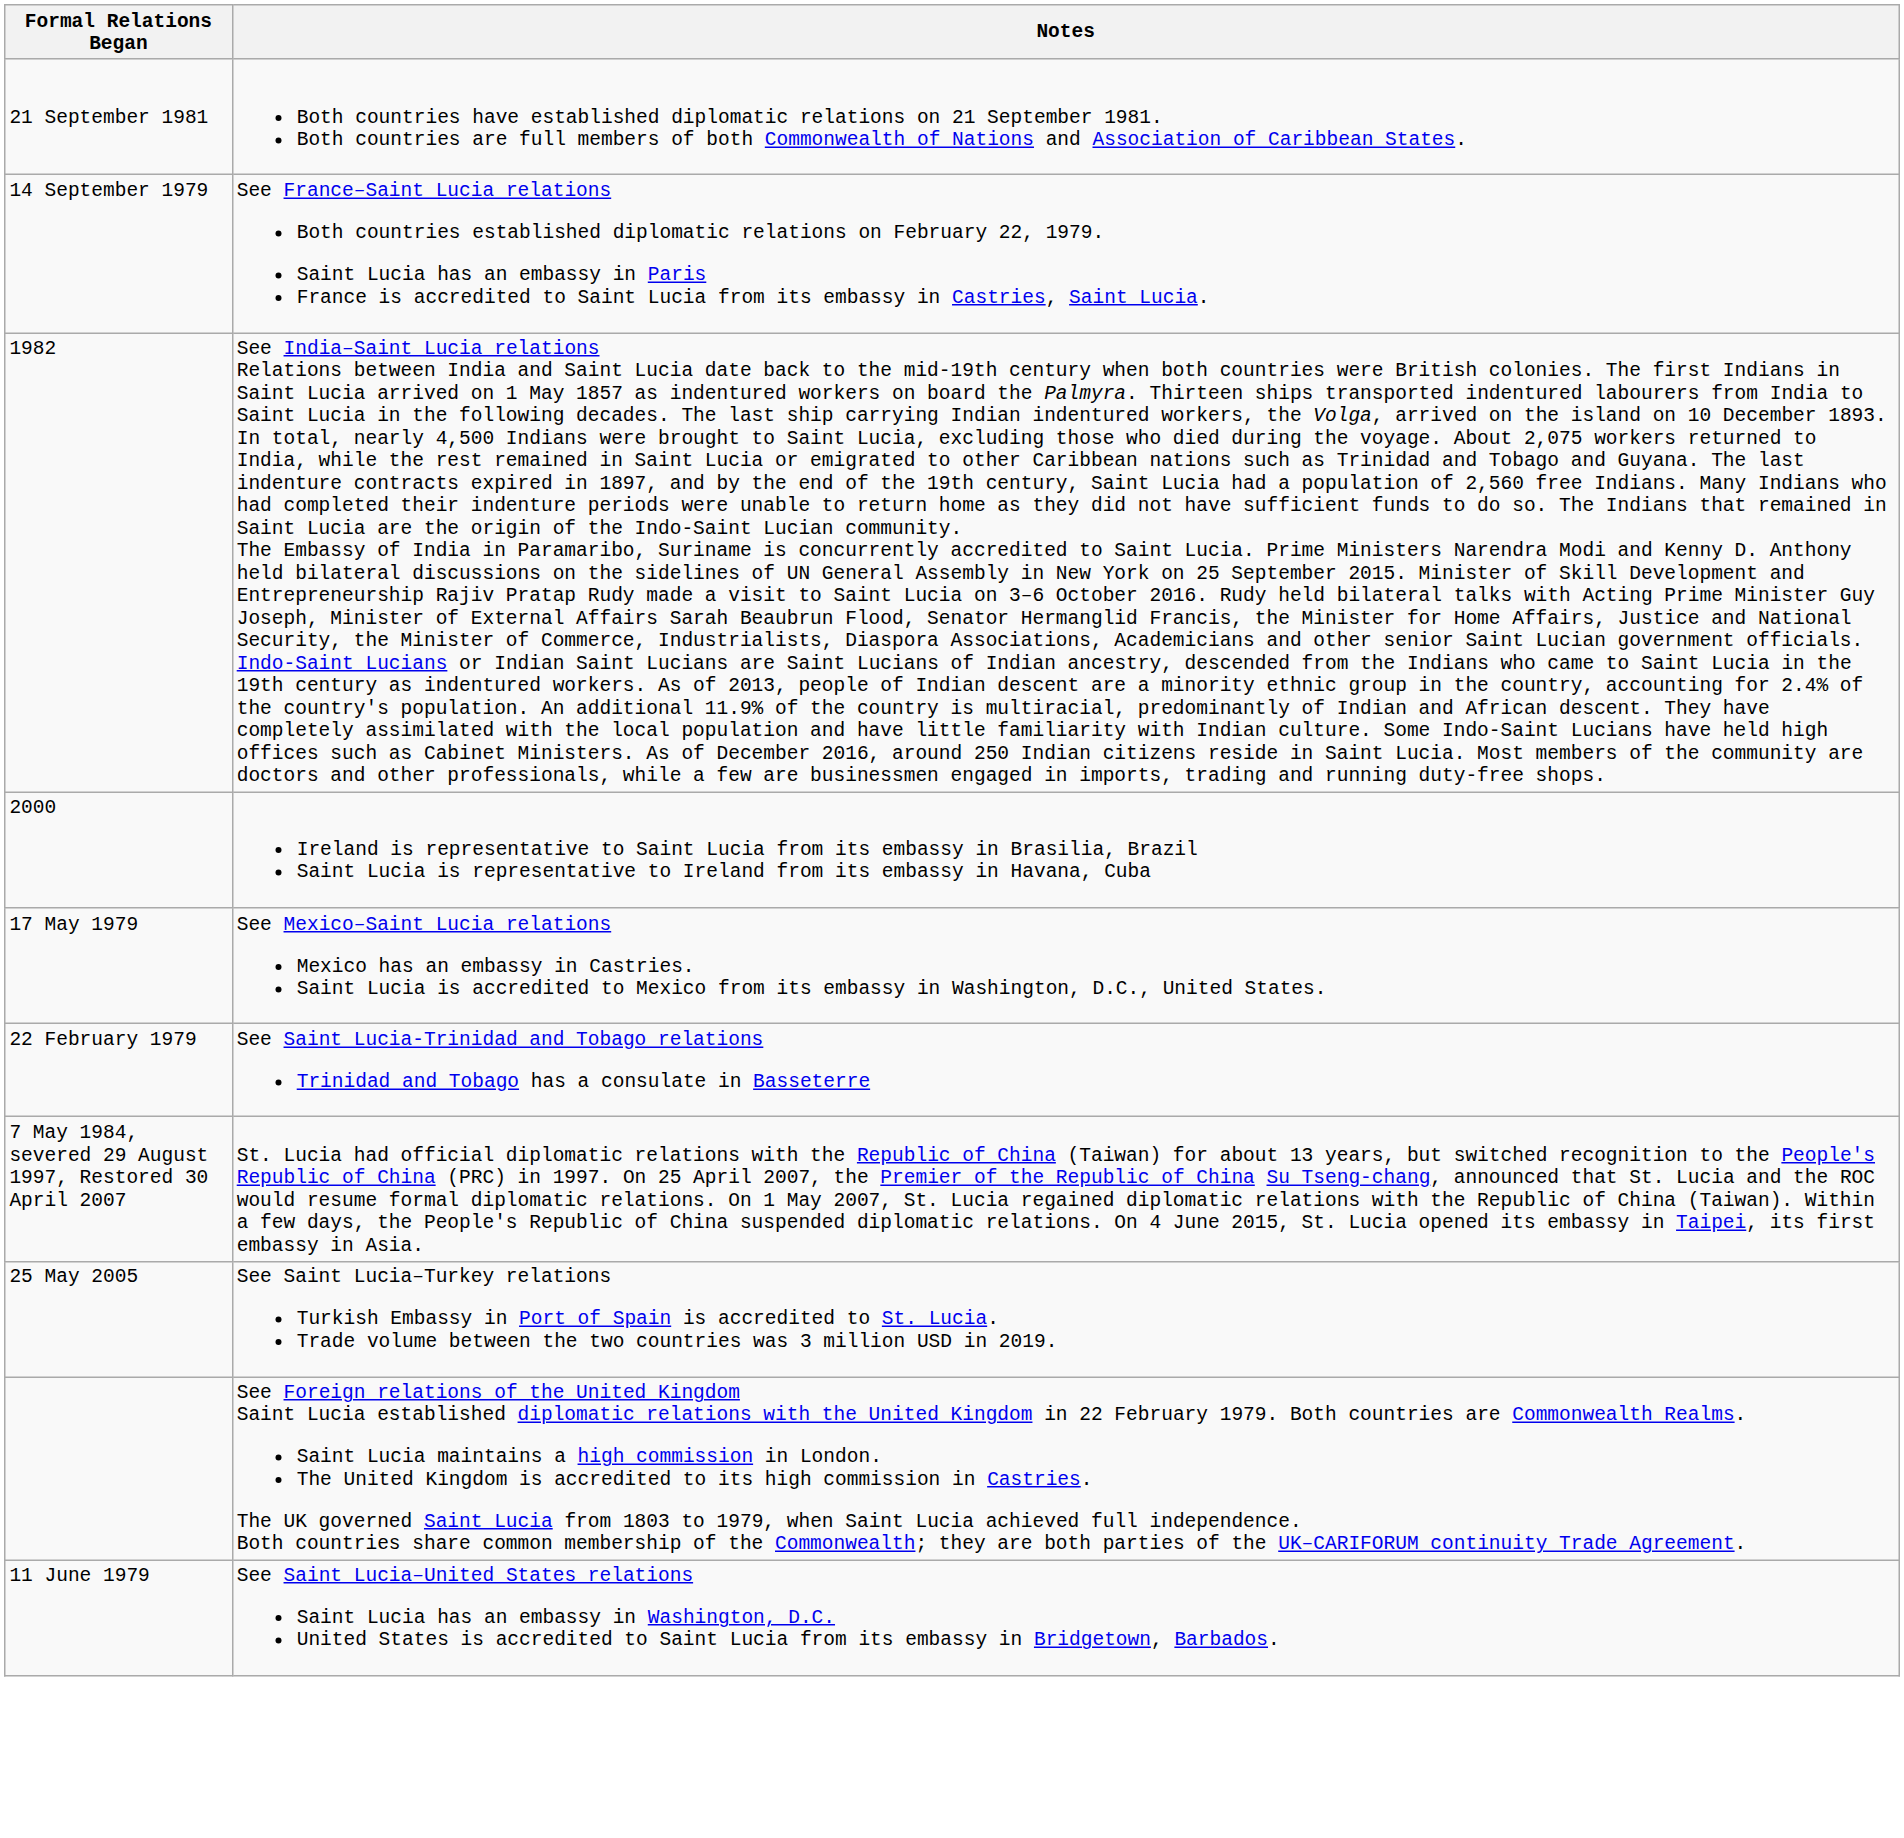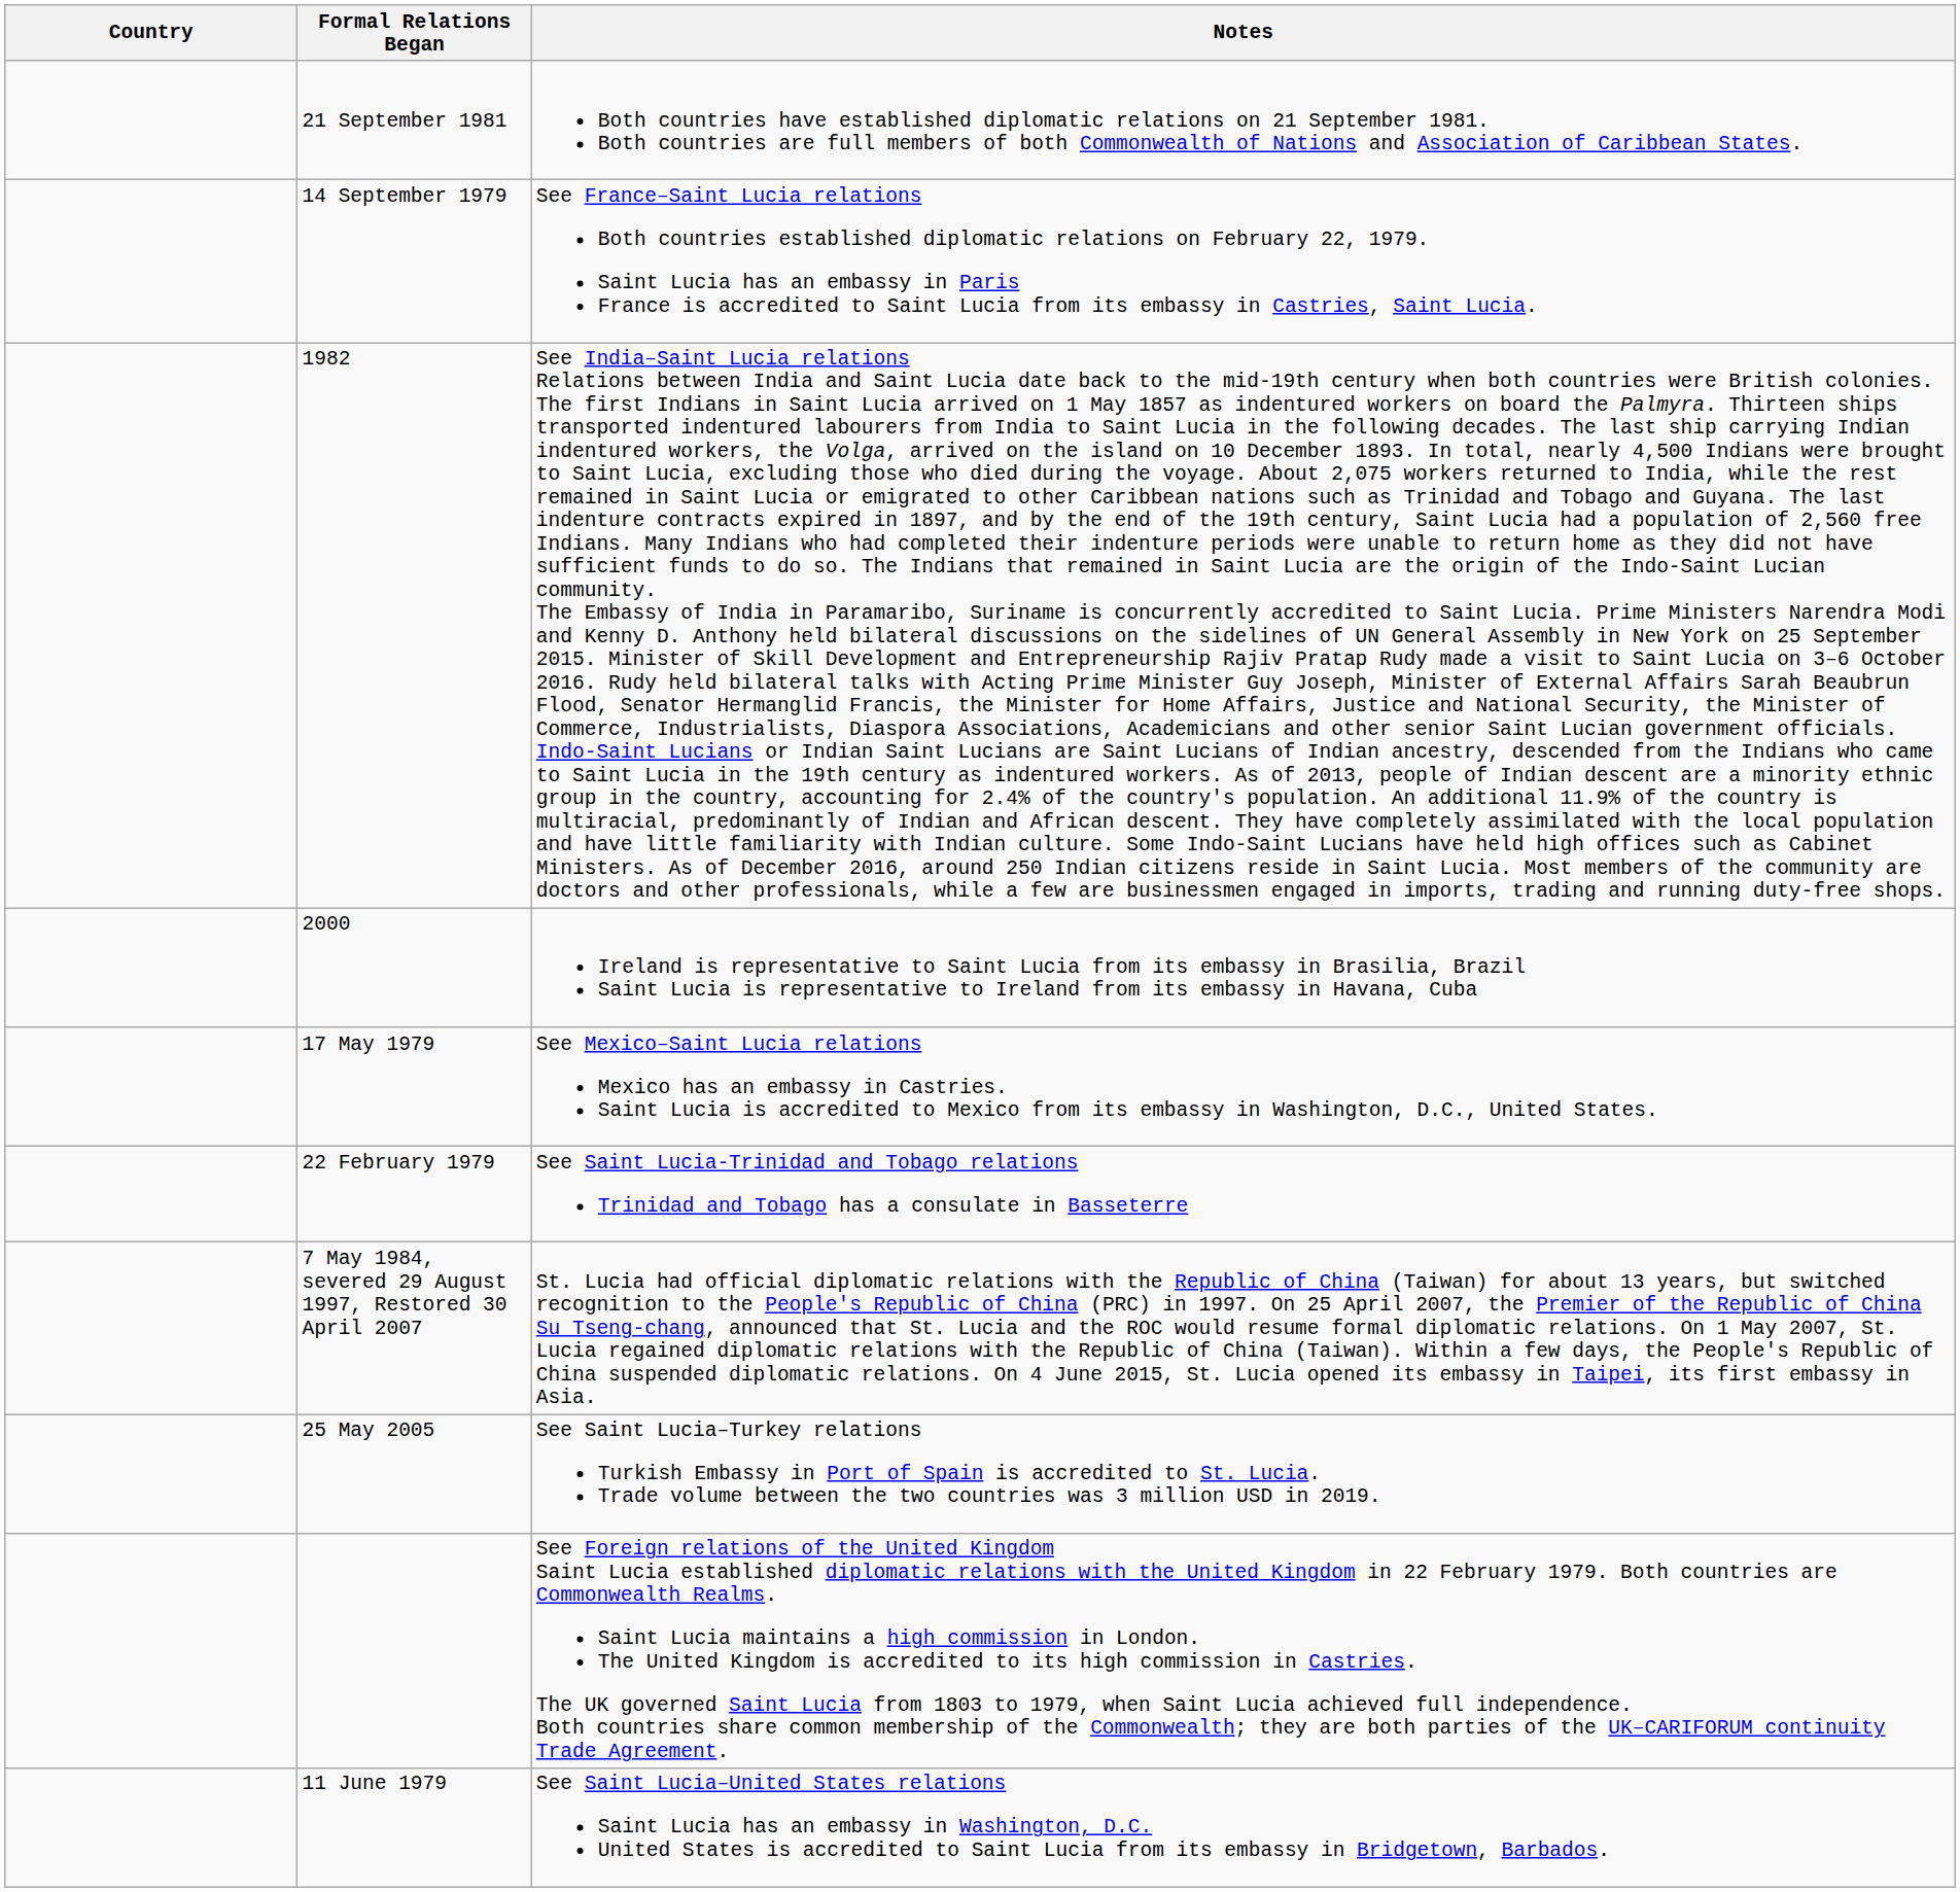 <table class="wikitable sortable" style="width:100%; margin:auto;">
 <tr>
+<th style="width:15%;">Country</th>
 <th style="width:12%;">Formal Relations Began</th>
 <th>Notes</th>
 </tr>
 <tr>
+<td></td>
 <td>21 September 1981</td>
 <td><br><ul><li>Both countries have established diplomatic relations on 21 September 1981.</li><li>Both countries are full members of both <a href='#'>Commonwealth of Nations</a> and <a href='#'>Association of Caribbean States</a>.</li></ul></td>
 </tr>
 <tr valign="top">
+<td></td>
 <td>14 September 1979</td>
 <td>See <a href='#'>France–Saint Lucia relations</a><br><ul><li>Both countries established diplomatic relations on February 22, 1979.</li></ul><ul><li>Saint Lucia has an embassy in <a href='#'>Paris</a></li><li>France is accredited to Saint Lucia from its embassy in <a href='#'>Castries</a>, <a href='#'>Saint Lucia</a>.</li></ul></td>
 </tr>
 <tr valign="top">
+<td></td>
 <td>1982</td>
 <td>See <a href='#'>India–Saint Lucia relations</a><br> Relations between India and Saint Lucia date back to the mid-19th century when both countries were British colonies. The first Indians in Saint Lucia arrived on 1 May 1857 as indentured workers on board the <em>Palmyra</em>. Thirteen ships transported indentured labourers from India to Saint Lucia in the following decades. The last ship carrying Indian indentured workers, the <em>Volga</em>, arrived on the island on 10 December 1893. In total, nearly 4,500 Indians were brought to Saint Lucia, excluding those who died during the voyage. About 2,075 workers returned to India, while the rest remained in Saint Lucia or emigrated to other Caribbean nations such as Trinidad and Tobago and Guyana. The last indenture contracts expired in 1897, and by the end of the 19th century, Saint Lucia had a population of 2,560 free Indians. Many Indians who had completed their indenture periods were unable to return home as they did not have sufficient funds to do so. The Indians that remained in Saint Lucia are the origin of the Indo-Saint Lucian community.<br>The Embassy of India in Paramaribo, Suriname is concurrently accredited to Saint Lucia. Prime Ministers Narendra Modi and Kenny D. Anthony held bilateral discussions on the sidelines of UN General Assembly in New York on 25 September 2015. Minister of Skill Development and Entrepreneurship Rajiv Pratap Rudy made a visit to Saint Lucia on 3–6 October 2016. Rudy held bilateral talks with Acting Prime Minister Guy Joseph, Minister of External Affairs Sarah Beaubrun Flood, Senator Hermanglid Francis, the Minister for Home Affairs, Justice and National Security, the Minister of Commerce, Industrialists, Diaspora Associations, Academicians and other senior Saint Lucian government officials.<br><a href='#'>Indo-Saint Lucians</a> or Indian Saint Lucians are Saint Lucians of Indian ancestry, descended from the Indians who came to Saint Lucia in the 19th century as indentured workers. As of 2013, people of Indian descent are a minority ethnic group in the country, accounting for 2.4% of the country's population. An additional 11.9% of the country is multiracial, predominantly of Indian and African descent. They have completely assimilated with the local population and have little familiarity with Indian culture. Some Indo-Saint Lucians have held high offices such as Cabinet Ministers. As of December 2016, around 250 Indian citizens reside in Saint Lucia. Most members of the community are doctors and other professionals, while a few are businessmen engaged in imports, trading and running duty-free shops.</td>
 </tr>
 <tr valign="top">
+<td></td>
 <td>2000</td>
 <td><br><ul><li>Ireland is representative to Saint Lucia from its embassy in Brasilia, Brazil</li><li>Saint Lucia is representative to Ireland from its embassy in Havana, Cuba</li></ul></td>
 </tr>
 <tr valign="top">
+<td></td>
 <td>17 May 1979</td>
 <td>See <a href='#'>Mexico–Saint Lucia relations</a><br><ul><li>Mexico has an embassy in Castries.</li><li>Saint Lucia is accredited to Mexico from its embassy in Washington, D.C., United States.</li></ul></td>
 </tr>
 <tr valign="top">
+<td></td>
 <td>22 February 1979</td>
 <td>See <a href='#'>Saint Lucia-Trinidad and Tobago relations</a><br><ul><li><a href='#'>Trinidad and Tobago</a> has a consulate in <a href='#'>Basseterre</a></li></ul></td>
 </tr>
 <tr valign="top">
+<td></td>
 <td>7 May 1984, severed 29 August 1997, Restored 30 April 2007</td>
 <td><br>St. Lucia had official diplomatic relations with the <a href='#'>Republic of China</a> (Taiwan) for about 13 years, but switched recognition to the <a href='#'>People's Republic of China</a> (PRC) in 1997. On 25 April 2007, the <a href='#'>Premier of the Republic of China</a> <a href='#'>Su Tseng-chang</a>, announced that St. Lucia and the ROC would resume formal diplomatic relations. On 1 May 2007, St. Lucia regained diplomatic relations with the Republic of China (Taiwan).  Within a few days, the People's Republic of China suspended diplomatic relations. On 4 June 2015, St. Lucia opened its embassy in <a href='#'>Taipei</a>, its first embassy in Asia.</td>
 </tr>
 <tr valign="top">
+<td></td>
 <td>25 May 2005</td>
 <td>See Saint Lucia–Turkey relations<br><ul><li>Turkish Embassy in <a href='#'>Port of Spain</a> is accredited to <a href='#'>St. Lucia</a>.</li><li>Trade volume between the two countries was 3 million USD in 2019.</li></ul></td>
 </tr>
 <tr valign="top">
 <td></td>
+<td></td>
 <td>See <a href='#'>Foreign relations of the United Kingdom</a><br>Saint Lucia established <a href='#'>diplomatic relations with the United Kingdom</a> in 22 February 1979. Both countries are <a href='#'>Commonwealth Realms</a>.<ul><li>Saint Lucia maintains a <a href='#'>high commission</a> in London.</li><li>The United Kingdom is accredited to its high commission in <a href='#'>Castries</a>.</li></ul>The UK governed <a href='#'>Saint Lucia</a> from 1803 to 1979, when Saint Lucia achieved full independence.<br>Both countries share common membership of the <a href='#'>Commonwealth</a>; they are both parties of the <a href='#'>UK–CARIFORUM continuity Trade Agreement</a>.</td>
 </tr>
 <tr valign="top">
+<td></td>
 <td>11 June 1979</td>
 <td>See <a href='#'>Saint Lucia–United States relations</a><br><ul><li>Saint Lucia has an embassy in <a href='#'>Washington, D.C.</a></li><li>United States is accredited to Saint Lucia from its embassy in <a href='#'>Bridgetown</a>, <a href='#'>Barbados</a>.</li></ul></td>
 </tr>
 </table>
